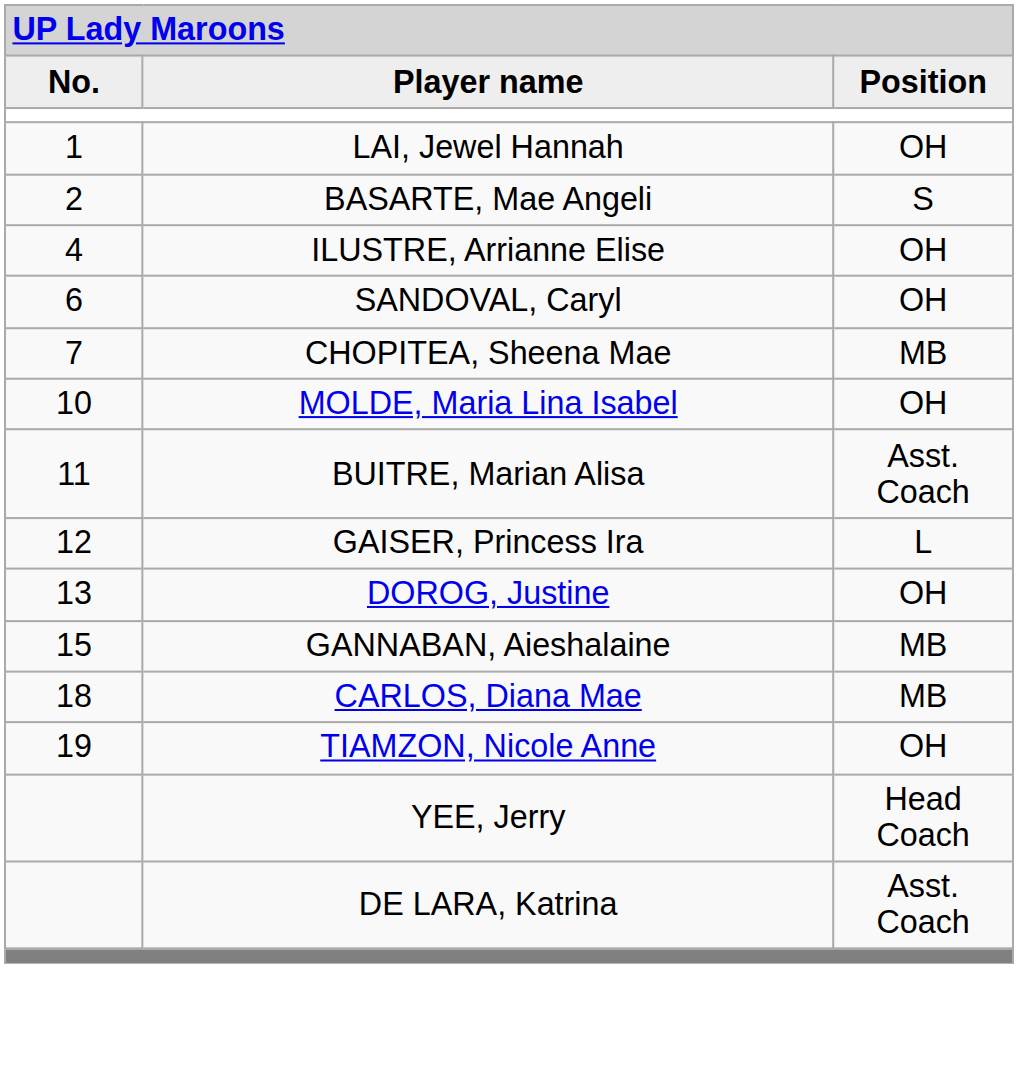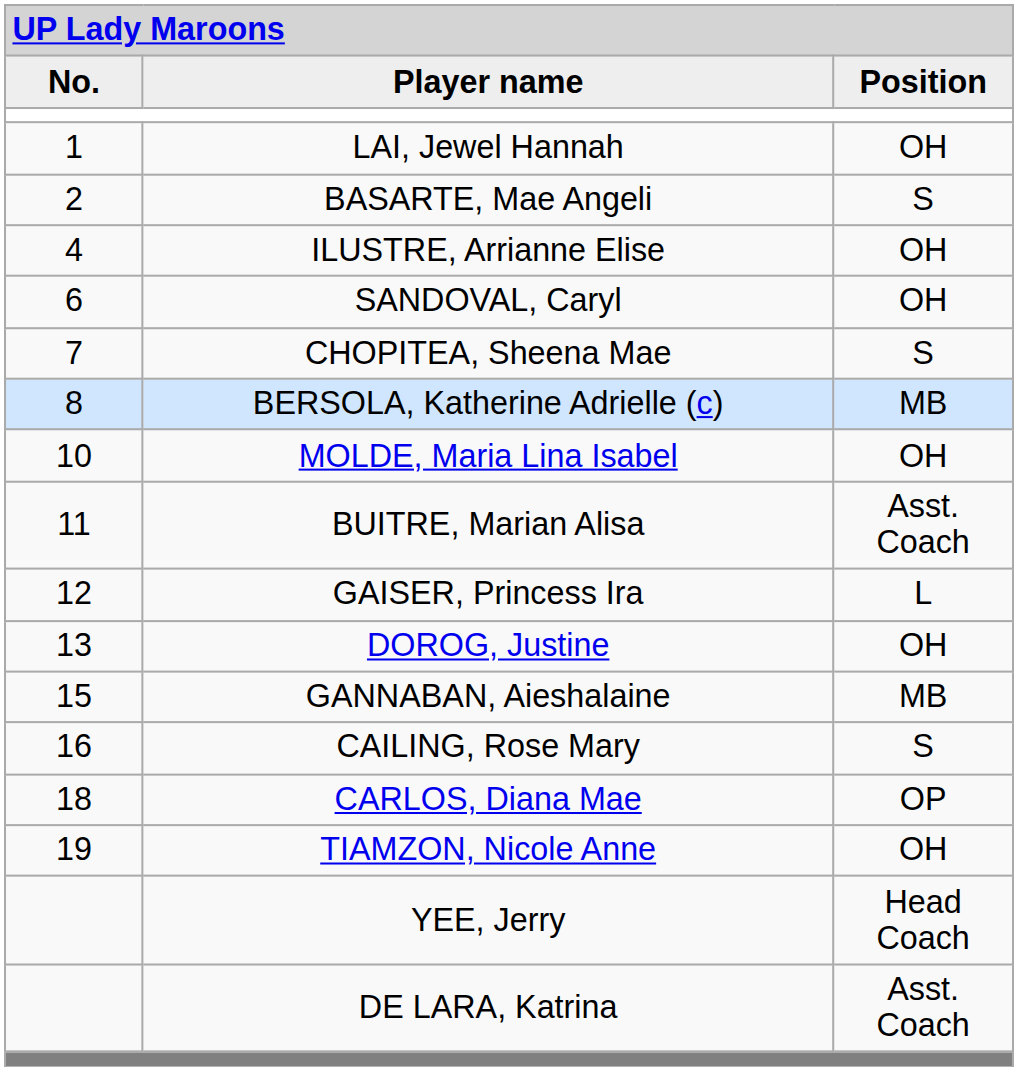 <table class='wikitable mw-collapsible mw-collapsed' style='text-align: center; width: 500px; border: none;'>
 <tr>
 <th style="background:#D4D4D4; text-align:left;" colspan=3> <a href='#'>UP Lady Maroons</a></th>
 </tr>
 <tr style="background:#EEEEEE; font-weight:bold;">
 <td width=10%>No.</td>
 <td width=50%>Player name</td>
 <td width=10%>Position</td>
 </tr>
 <tr style="background:#FFFFFF;">
 <td colspan=3 align=center></td>
 </tr>
 <tr>
 <td align=center>1</td>
 <td>LAI, Jewel Hannah</td>
 <td align=center>OH</td>
 </tr>
 <tr>
 <td align=center>2</td>
 <td>BASARTE, Mae Angeli</td>
 <td align=center>S</td>
 </tr>
 <tr>
 <td align=center>4</td>
 <td>ILUSTRE, Arrianne Elise</td>
 <td align=center>OH</td>
 </tr>
 <tr>
 <td align=center>6</td>
 <td>SANDOVAL, Caryl</td>
 <td align=center>OH</td>
 </tr>
 <tr>
 <td align=center>7</td>
 <td>CHOPITEA, Sheena Mae</td>
+<td align=center>S</td>
+</tr>
+<tr style="background: #D0E6FF">
+<td align=center>8</td>
+<td>BERSOLA, Katherine Adrielle (<a href='#'>c</a>)</td>
 <td align=center>MB</td>
 </tr>
 <tr>
 <td align=center>10</td>
 <td><a href='#'>MOLDE, Maria Lina Isabel</a></td>
 <td align=center>OH</td>
 </tr>
 <tr>
 <td align=center>11</td>
 <td>BUITRE, Marian Alisa</td>
 <td align=center>Asst. Coach</td>
 </tr>
 <tr>
 <td align=center>12</td>
 <td>GAISER, Princess Ira</td>
 <td align=center>L</td>
 </tr>
 <tr>
 <td align=center>13</td>
 <td><a href='#'>DOROG, Justine</a></td>
 <td align=center>OH</td>
 </tr>
 <tr>
 <td align=center>15</td>
 <td>GANNABAN, Aieshalaine</td>
 <td align=center>MB</td>
 </tr>
 <tr>
+<td align=center>16</td>
+<td>CAILING, Rose Mary</td>
+<td align=center>S</td>
+</tr>
+<tr>
 <td align=center>18</td>
 <td><a href='#'>CARLOS, Diana Mae</a></td>
-<td align=center>MB</td>
+<td align=center>OP</td>
 </tr>
 <tr>
 <td align=center>19</td>
 <td><a href='#'>TIAMZON, Nicole Anne</a></td>
 <td align=center>OH</td>
 </tr>
 <tr>
 <td align=center></td>
 <td>YEE, Jerry</td>
 <td align=center>Head Coach</td>
 </tr>
 <tr>
 <td align=center></td>
 <td>DE LARA, Katrina</td>
 <td align=center>Asst. Coach</td>
 </tr>
 <tr>
 <th style="background:gray;" colspan=3></th>
 </tr>
 <tr>
 </tr>
 </table>
